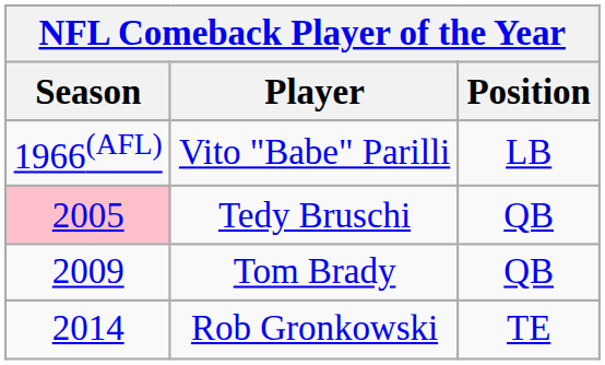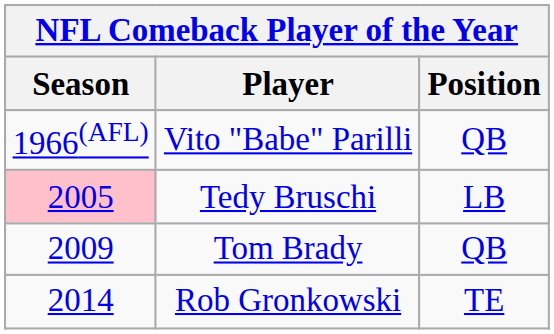 <table class="wikitable sortable" style="text-align:center">
 <tr>
 <th colspan="3"><a href='#'><span><u>NFL Comeback Player of the Year</u></span></a></th>
 </tr>
 <tr>
 <th>Season</th>
 <th>Player</th>
 <th>Position</th>
 </tr>
 <tr>
 <td><a href='#'>1966<sup>(AFL)</sup></a></td>
 <td><a href='#'>Vito "Babe" Parilli</a></td>
-<td><a href='#'>LB</a></td>
+<td><a href='#'>QB</a></td>
 </tr>
 <tr>
 <td style="background: pink;"><a href='#'>2005</a></td>
 <td><a href='#'>Tedy Bruschi</a></td>
-<td><a href='#'>QB</a></td>
+<td><a href='#'>LB</a></td>
 </tr>
 <tr>
 <td><a href='#'>2009</a></td>
 <td><a href='#'>Tom Brady</a></td>
 <td><a href='#'>QB</a></td>
 </tr>
 <tr>
 <td><a href='#'>2014</a></td>
 <td><a href='#'>Rob Gronkowski</a></td>
 <td><a href='#'>TE</a></td>
 </tr>
 </table>
